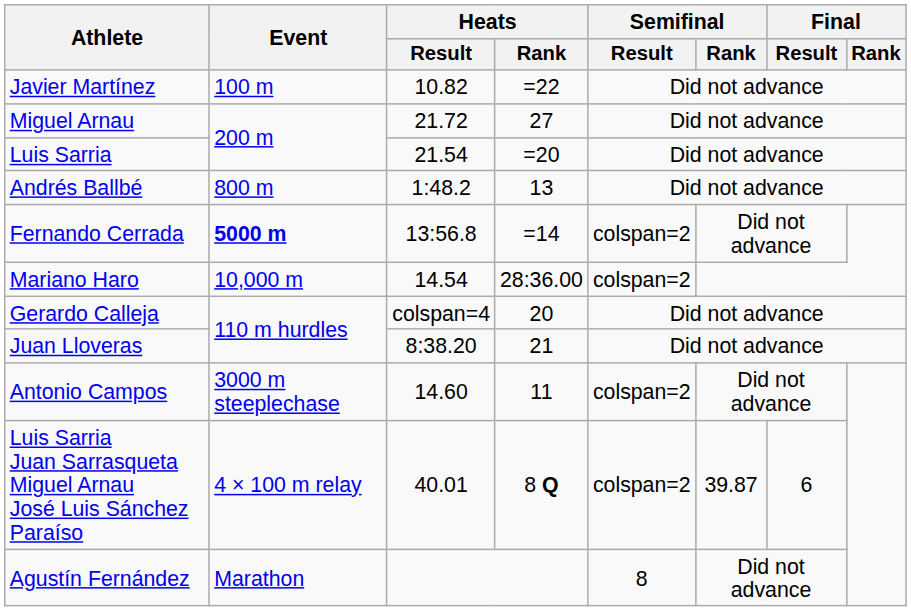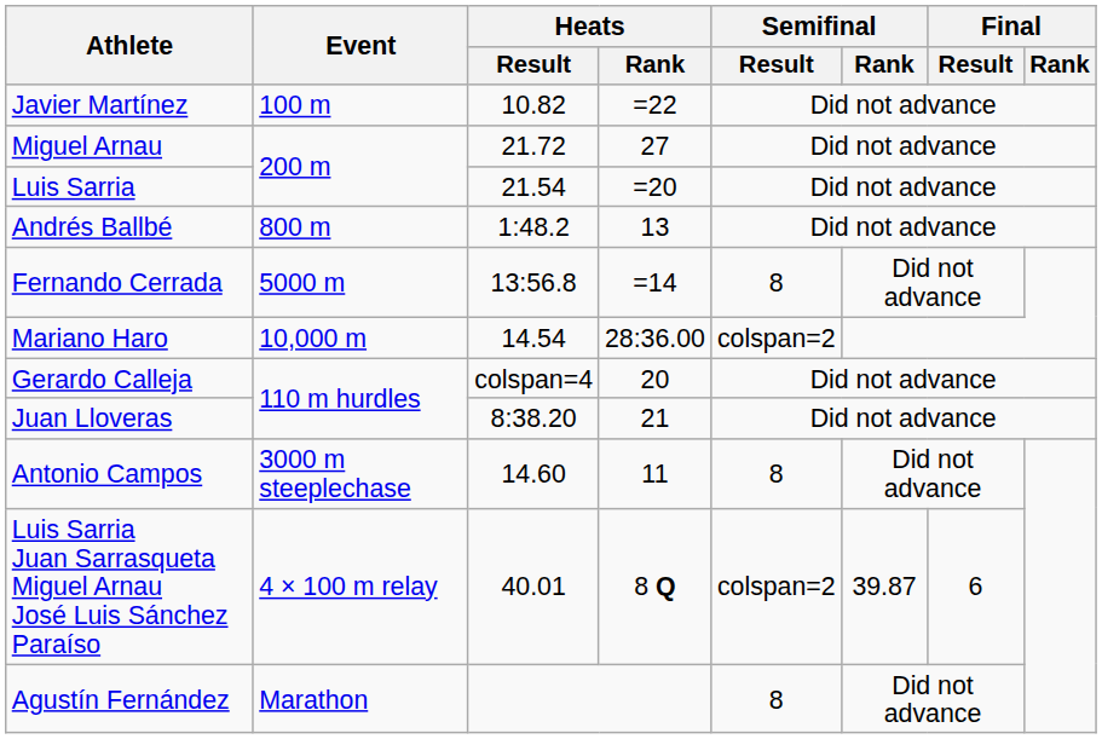 <table class="wikitable" style="font-size:90%">
 <tr>
 <th rowspan="2">Athlete</th>
 <th rowspan="2">Event</th>
 <th colspan="2">Heats</th>
 <th colspan="2">Semifinal</th>
 <th colspan="2">Final</th>
 </tr>
 <tr style="font-size:95%">
 <th>Result</th>
 <th>Rank</th>
 <th>Result</th>
 <th>Rank</th>
 <th>Result</th>
 <th>Rank</th>
 </tr>
 <tr align=center>
 <td align=left><a href='#'>Javier Martínez</a></td>
 <td align=left><a href='#'>100 m</a></td>
 <td>10.82</td>
 <td>=22</td>
 <td colspan=4>Did not advance</td>
 </tr>
 <tr align=center>
 <td align=left><a href='#'>Miguel Arnau</a></td>
 <td align=left rowspan=2><a href='#'>200 m</a></td>
 <td>21.72</td>
 <td>27</td>
 <td colspan=4>Did not advance</td>
 </tr>
 <tr align=center>
 <td align=left><a href='#'>Luis Sarria</a></td>
 <td>21.54</td>
 <td>=20</td>
 <td colspan=4>Did not advance</td>
 </tr>
 <tr align=center>
 <td align=left><a href='#'>Andrés Ballbé</a></td>
 <td align=left><a href='#'>800 m</a></td>
 <td>1:48.2</td>
 <td>13</td>
 <td colspan=4>Did not advance</td>
 </tr>
 <tr align=center>
 <td align=left><a href='#'>Fernando Cerrada</a></td>
-<td align=left><strong><a href='#'>5000 m</a></strong></td>
+<td align=left><a href='#'>5000 m</a></td>
 <td>13:56.8</td>
 <td>=14</td>
-<td>colspan=2 </td>
+<td>8</td>
 <td colspan=2>Did not advance</td>
 </tr>
 <tr align=center>
 <td align=left><a href='#'>Mariano Haro</a></td>
 <td align=left><a href='#'>10,000 m</a></td>
 <td>14.54</td>
 <td>28:36.00</td>
 <td>colspan=2 </td>
 </tr>
 <tr align=center>
 <td align=left><a href='#'>Gerardo Calleja</a></td>
 <td align=left rowspan=2><a href='#'>110 m hurdles</a></td>
 <td>colspan=4 </td>
 <td>20</td>
 <td colspan=4>Did not advance</td>
 </tr>
 <tr align=center>
 <td align=left><a href='#'>Juan Lloveras</a></td>
 <td>8:38.20</td>
 <td>21</td>
 <td colspan=4>Did not advance</td>
 </tr>
 <tr align=center>
 <td align=left><a href='#'>Antonio Campos</a></td>
 <td align=left><a href='#'>3000 m steeplechase</a></td>
 <td>14.60</td>
 <td>11</td>
-<td>colspan=2 </td>
+<td>8</td>
 <td colspan=2>Did not advance</td>
 </tr>
 <tr align=center>
 <td align=left><a href='#'>Luis Sarria</a><br><a href='#'>Juan Sarrasqueta</a><br><a href='#'>Miguel Arnau</a><br><a href='#'>José Luis Sánchez Paraíso</a></td>
 <td align=left><a href='#'>4 × 100 m relay</a></td>
 <td>40.01</td>
 <td>8 <strong>Q</strong></td>
 <td>colspan=2 </td>
 <td>39.87</td>
 <td>6</td>
 </tr>
 <tr align=center>
 <td align=left><a href='#'>Agustín Fernández</a></td>
 <td align=left><a href='#'>Marathon</a></td>
 <td colspan=2></td>
 <td>8</td>
 <td colspan=2>Did not advance</td>
 </tr>
 </table>
